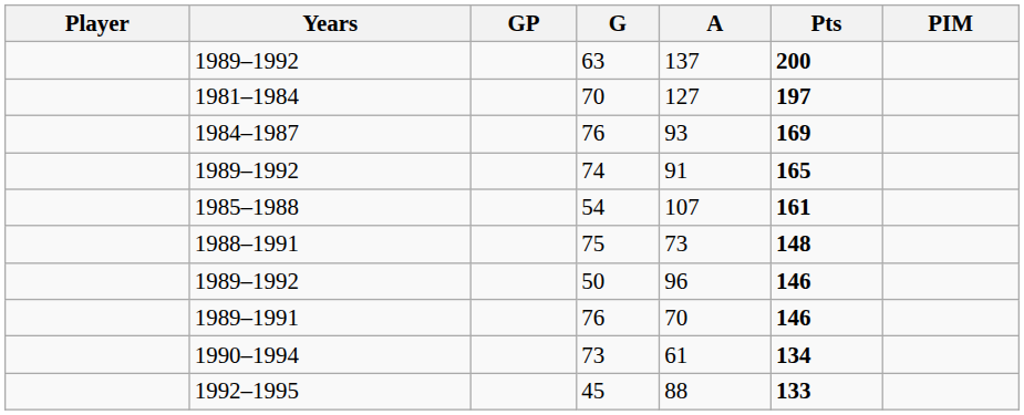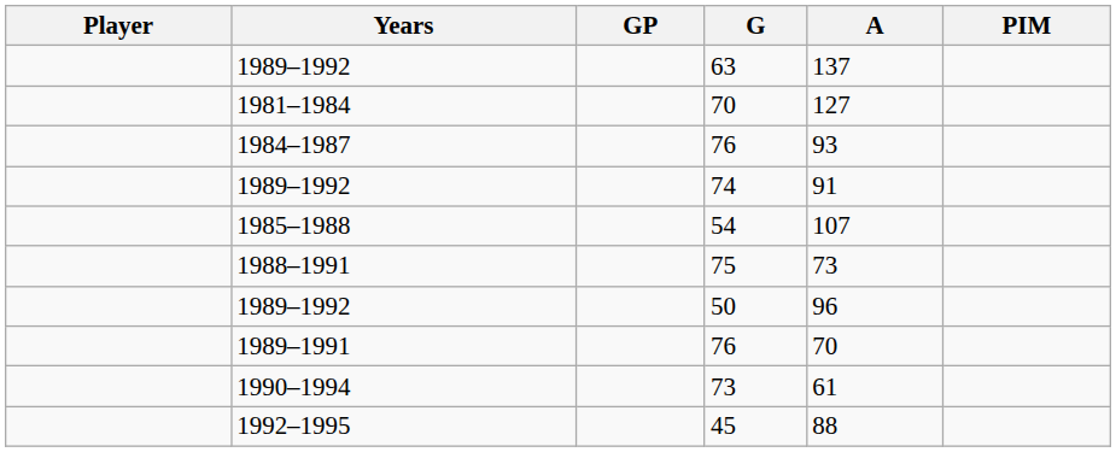 <table class="wikitable sortable" width ="700" cellpadding="1" border="1" cellspacing="0">
 <tr>
 <th>Player</th>
 <th>Years</th>
 <th>GP</th>
 <th>G</th>
 <th>A</th>
-<th>Pts</th>
 <th>PIM</th>
 </tr>
 <tr>
 <td></td>
 <td>1989–1992</td>
 <td></td>
 <td>63</td>
 <td>137</td>
-<td><strong>200</strong></td>
 <td></td>
 </tr>
 <tr>
 <td></td>
 <td>1981–1984</td>
 <td></td>
 <td>70</td>
 <td>127</td>
-<td><strong>197</strong></td>
 <td></td>
 </tr>
 <tr>
 <td></td>
 <td>1984–1987</td>
 <td></td>
 <td>76</td>
 <td>93</td>
-<td><strong>169</strong></td>
 <td></td>
 </tr>
 <tr>
 <td></td>
 <td>1989–1992</td>
 <td></td>
 <td>74</td>
 <td>91</td>
-<td><strong>165</strong></td>
 <td></td>
 </tr>
 <tr>
 <td></td>
 <td>1985–1988</td>
 <td></td>
 <td>54</td>
 <td>107</td>
-<td><strong>161</strong></td>
 <td></td>
 </tr>
 <tr>
 <td></td>
 <td>1988–1991</td>
 <td></td>
 <td>75</td>
 <td>73</td>
-<td><strong>148</strong></td>
 <td></td>
 </tr>
 <tr>
 <td></td>
 <td>1989–1992</td>
 <td></td>
 <td>50</td>
 <td>96</td>
-<td><strong>146</strong></td>
 <td></td>
 </tr>
 <tr>
 <td></td>
 <td>1989–1991</td>
 <td></td>
 <td>76</td>
 <td>70</td>
-<td><strong>146</strong></td>
 <td></td>
 </tr>
 <tr>
 <td></td>
 <td>1990–1994</td>
 <td></td>
 <td>73</td>
 <td>61</td>
-<td><strong>134</strong></td>
 <td></td>
 </tr>
 <tr>
 <td></td>
 <td>1992–1995</td>
 <td></td>
 <td>45</td>
 <td>88</td>
-<td><strong>133</strong></td>
 <td></td>
 </tr>
 </table>
